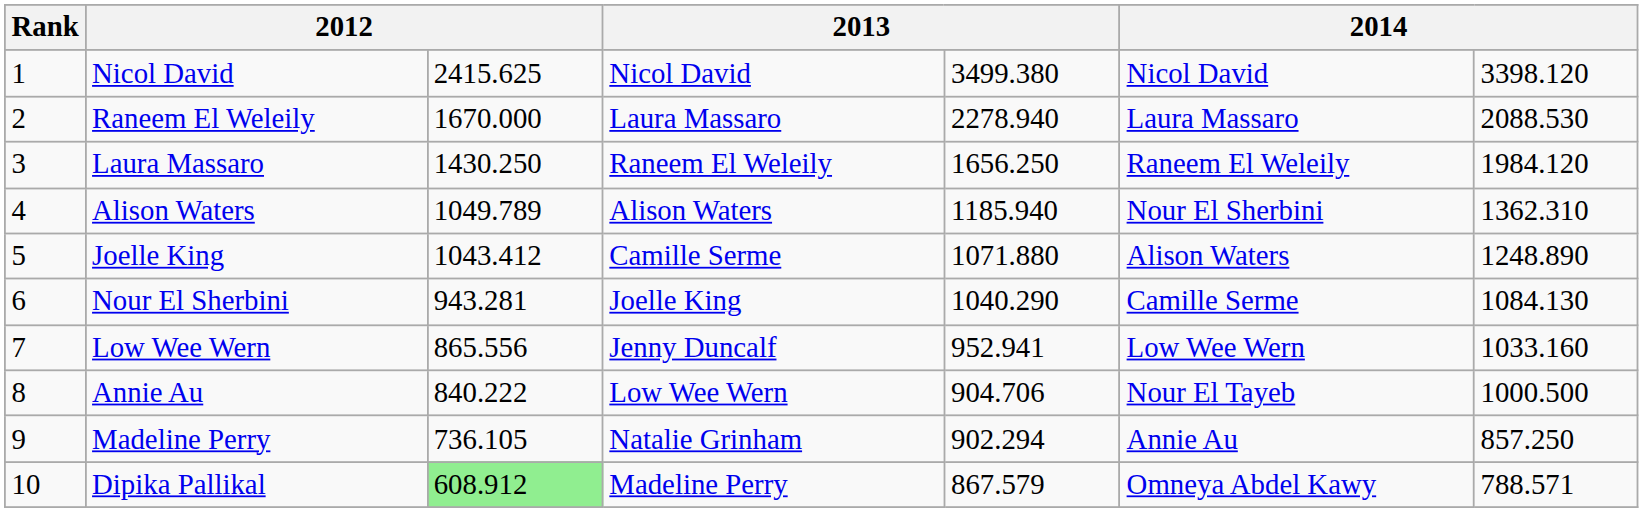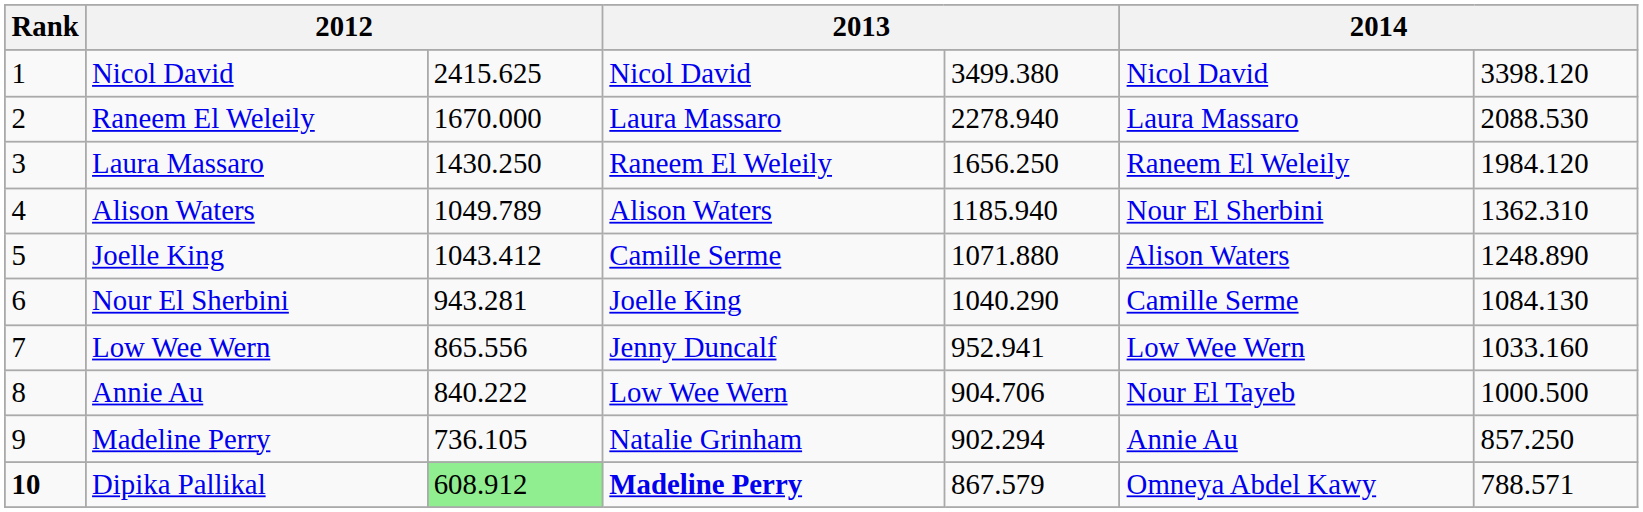 <table class=wikitable>
 <tr>
 <th>Rank</th>
 <th colspan=2 width="280">2012</th>
 <th colspan=2 width="280">2013</th>
 <th colspan=2 width="280">2014</th>
 </tr>
 <tr>
 <td>1</td>
 <td> <a href='#'>Nicol David</a></td>
 <td>2415.625</td>
 <td> <a href='#'>Nicol David</a></td>
 <td>3499.380</td>
 <td> <a href='#'>Nicol David</a></td>
 <td>3398.120</td>
 </tr>
 <tr>
 <td>2</td>
 <td> <a href='#'>Raneem El Weleily</a></td>
 <td>1670.000</td>
 <td> <a href='#'>Laura Massaro</a></td>
 <td>2278.940</td>
 <td> <a href='#'>Laura Massaro</a></td>
 <td>2088.530</td>
 </tr>
 <tr>
 <td>3</td>
 <td> <a href='#'>Laura Massaro</a></td>
 <td>1430.250</td>
 <td> <a href='#'>Raneem El Weleily</a></td>
 <td>1656.250</td>
 <td> <a href='#'>Raneem El Weleily</a></td>
 <td>1984.120</td>
 </tr>
 <tr>
 <td>4</td>
 <td> <a href='#'>Alison Waters</a></td>
 <td>1049.789</td>
 <td> <a href='#'>Alison Waters</a></td>
 <td>1185.940</td>
 <td> <a href='#'>Nour El Sherbini</a></td>
 <td>1362.310</td>
 </tr>
 <tr>
 <td>5</td>
 <td> <a href='#'>Joelle King</a></td>
 <td>1043.412</td>
 <td> <a href='#'>Camille Serme</a></td>
 <td>1071.880</td>
 <td> <a href='#'>Alison Waters</a></td>
 <td>1248.890</td>
 </tr>
 <tr>
 <td>6</td>
 <td> <a href='#'>Nour El Sherbini</a></td>
 <td>943.281</td>
 <td> <a href='#'>Joelle King</a></td>
 <td>1040.290</td>
 <td> <a href='#'>Camille Serme</a></td>
 <td>1084.130</td>
 </tr>
 <tr>
 <td>7</td>
 <td> <a href='#'>Low Wee Wern</a></td>
 <td>865.556</td>
 <td> <a href='#'>Jenny Duncalf</a></td>
 <td>952.941</td>
 <td> <a href='#'>Low Wee Wern</a></td>
 <td>1033.160</td>
 </tr>
 <tr>
 <td>8</td>
 <td> <a href='#'>Annie Au</a></td>
 <td>840.222</td>
 <td> <a href='#'>Low Wee Wern</a></td>
 <td>904.706</td>
 <td> <a href='#'>Nour El Tayeb</a></td>
 <td>1000.500</td>
 </tr>
 <tr>
 <td>9</td>
 <td> <a href='#'>Madeline Perry</a></td>
 <td>736.105</td>
 <td> <a href='#'>Natalie Grinham</a></td>
 <td>902.294</td>
 <td> <a href='#'>Annie Au</a></td>
 <td>857.250</td>
 </tr>
 <tr>
-<td>10</td>
+<td><strong>10</strong></td>
 <td> <a href='#'>Dipika Pallikal</a></td>
 <td style="background: lightgreen;">608.912</td>
-<td> <a href='#'>Madeline Perry</a></td>
+<td><strong> <a href='#'>Madeline Perry</a></strong></td>
 <td>867.579</td>
 <td> <a href='#'>Omneya Abdel Kawy</a></td>
 <td>788.571</td>
 </tr>
 </table>
